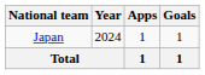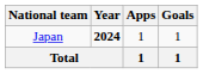 <table class="wikitable" style="text-align:center">
 <tr>
 <th>National team</th>
 <th>Year</th>
 <th>Apps</th>
 <th>Goals</th>
 </tr>
 <tr>
 <td rowspan="1"><a href='#'>Japan</a></td>
-<td>2024</td>
+<td><strong>2024</strong></td>
 <td>1</td>
 <td>1</td>
 </tr>
 <tr>
 <th colspan="2">Total</th>
 <th>1</th>
 <th>1</th>
 </tr>
 </table>
